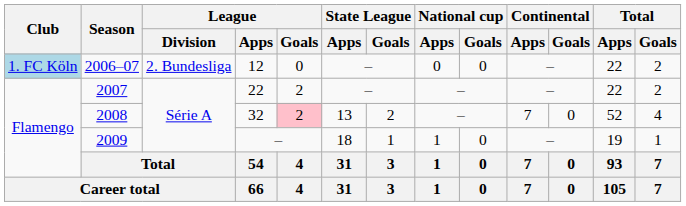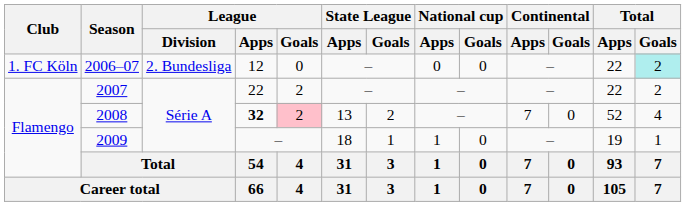 <table class="wikitable" style="text-align:center">
 <tr>
 <th rowspan="2">Club</th>
 <th rowspan="2">Season</th>
 <th colspan="3">League</th>
 <th colspan="2">State League</th>
 <th colspan="2">National cup</th>
 <th colspan="2">Continental</th>
 <th colspan="2">Total</th>
 </tr>
 <tr>
 <th>Division</th>
 <th>Apps</th>
 <th>Goals</th>
 <th>Apps</th>
 <th>Goals</th>
 <th>Apps</th>
 <th>Goals</th>
 <th>Apps</th>
 <th>Goals</th>
 <th>Apps</th>
 <th>Goals</th>
 </tr>
 <tr>
-<td style="background: lightblue;"><a href='#'>1. FC Köln</a></td>
+<td><a href='#'>1. FC Köln</a></td>
 <td><a href='#'>2006–07</a></td>
 <td><a href='#'>2. Bundesliga</a></td>
 <td>12</td>
 <td>0</td>
 <td colspan="2">–</td>
 <td>0</td>
 <td>0</td>
 <td colspan="2">–</td>
 <td>22</td>
-<td>2</td>
+<td style="background: paleturquoise;">2</td>
 </tr>
 <tr>
 <td rowspan="4"><a href='#'>Flamengo</a></td>
 <td><a href='#'>2007</a></td>
 <td rowspan="3"><a href='#'>Série A</a></td>
 <td>22</td>
 <td>2</td>
 <td colspan="2">–</td>
 <td colspan="2">–</td>
 <td colspan="2">–</td>
 <td>22</td>
 <td>2</td>
 </tr>
 <tr>
 <td><a href='#'>2008</a></td>
-<td>32</td>
+<td><strong>32</strong></td>
 <td style="background: pink;">2</td>
 <td>13</td>
 <td>2</td>
 <td colspan="2">–</td>
 <td>7</td>
 <td>0</td>
 <td>52</td>
 <td>4</td>
 </tr>
 <tr>
 <td><a href='#'>2009</a></td>
 <td colspan="2">–</td>
 <td>18</td>
 <td>1</td>
 <td>1</td>
 <td>0</td>
 <td colspan="2">–</td>
 <td>19</td>
 <td>1</td>
 </tr>
 <tr>
 <th colspan="2">Total</th>
 <th>54</th>
 <th>4</th>
 <th>31</th>
 <th>3</th>
 <th>1</th>
 <th>0</th>
 <th>7</th>
 <th>0</th>
 <th>93</th>
 <th>7</th>
 </tr>
 <tr>
 <th colspan="3">Career total</th>
 <th>66</th>
 <th>4</th>
 <th>31</th>
 <th>3</th>
 <th>1</th>
 <th>0</th>
 <th>7</th>
 <th>0</th>
 <th>105</th>
 <th>7</th>
 </tr>
 </table>
